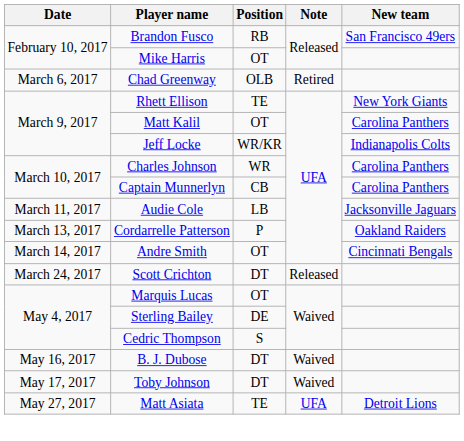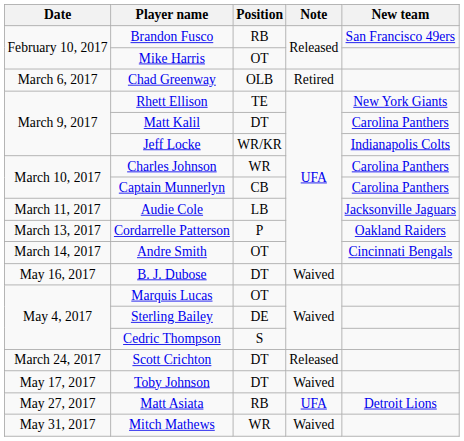 <table class="wikitable" style="text-align:center">
 <tr>
 <th>Date</th>
 <th>Player name</th>
 <th>Position</th>
 <th>Note</th>
 <th>New team</th>
 </tr>
 <tr>
 <td rowspan=2>February 10, 2017</td>
 <td><a href='#'>Brandon Fusco</a></td>
 <td>RB</td>
 <td rowspan=2>Released</td>
 <td><a href='#'>San Francisco 49ers</a></td>
 </tr>
 <tr>
 <td><a href='#'>Mike Harris</a></td>
 <td>OT</td>
 <td></td>
 </tr>
 <tr>
 <td>March 6, 2017</td>
 <td><a href='#'>Chad Greenway</a></td>
 <td>OLB</td>
 <td>Retired</td>
 <td></td>
 </tr>
 <tr>
 <td rowspan=3>March 9, 2017</td>
 <td><a href='#'>Rhett Ellison</a></td>
 <td>TE</td>
 <td rowspan=8><a href='#'>UFA</a></td>
 <td><a href='#'>New York Giants</a></td>
 </tr>
 <tr>
 <td><a href='#'>Matt Kalil</a></td>
-<td>OT</td>
+<td>DT</td>
 <td><a href='#'>Carolina Panthers</a></td>
 </tr>
 <tr>
 <td><a href='#'>Jeff Locke</a></td>
 <td>WR/KR</td>
 <td><a href='#'>Indianapolis Colts</a></td>
 </tr>
 <tr>
 <td rowspan=2>March 10, 2017</td>
 <td><a href='#'>Charles Johnson</a></td>
 <td>WR</td>
 <td><a href='#'>Carolina Panthers</a></td>
 </tr>
 <tr>
 <td><a href='#'>Captain Munnerlyn</a></td>
 <td>CB</td>
 <td><a href='#'>Carolina Panthers</a></td>
 </tr>
 <tr>
 <td>March 11, 2017</td>
 <td><a href='#'>Audie Cole</a></td>
 <td>LB</td>
 <td><a href='#'>Jacksonville Jaguars</a></td>
 </tr>
 <tr>
 <td>March 13, 2017</td>
 <td><a href='#'>Cordarrelle Patterson</a></td>
 <td>P</td>
 <td><a href='#'>Oakland Raiders</a></td>
 </tr>
 <tr>
 <td>March 14, 2017</td>
 <td><a href='#'>Andre Smith</a></td>
 <td>OT</td>
 <td><a href='#'>Cincinnati Bengals</a></td>
 </tr>
 <tr>
-<td>March 24, 2017</td>
-<td><a href='#'>Scott Crichton</a></td>
+<td>May 16, 2017</td>
+<td><a href='#'>B. J. Dubose</a></td>
 <td>DT</td>
-<td>Released</td>
+<td>Waived</td>
 <td></td>
 </tr>
 <tr>
 <td rowspan=3>May 4, 2017</td>
 <td><a href='#'>Marquis Lucas</a></td>
 <td>OT</td>
 <td rowspan=3>Waived</td>
 <td></td>
 </tr>
 <tr>
 <td><a href='#'>Sterling Bailey</a></td>
 <td>DE</td>
 <td></td>
 </tr>
 <tr>
 <td><a href='#'>Cedric Thompson</a></td>
 <td>S</td>
 <td></td>
 </tr>
 <tr>
-<td>May 16, 2017</td>
-<td><a href='#'>B. J. Dubose</a></td>
+<td>March 24, 2017</td>
+<td><a href='#'>Scott Crichton</a></td>
 <td>DT</td>
-<td>Waived</td>
+<td>Released</td>
 <td></td>
 </tr>
 <tr>
 <td>May 17, 2017</td>
 <td><a href='#'>Toby Johnson</a></td>
 <td>DT</td>
 <td>Waived</td>
 <td></td>
 </tr>
 <tr>
 <td>May 27, 2017</td>
 <td><a href='#'>Matt Asiata</a></td>
-<td>TE</td>
+<td>RB</td>
 <td><a href='#'>UFA</a></td>
 <td><a href='#'>Detroit Lions</a></td>
 </tr>
+<tr>
+<td>May 31, 2017</td>
+<td><a href='#'>Mitch Mathews</a></td>
+<td>WR</td>
+<td>Waived</td>
+<td><br></td>
+</tr>
 </table>
